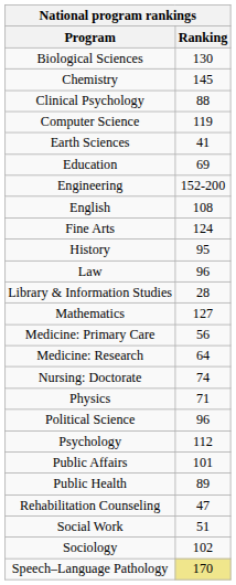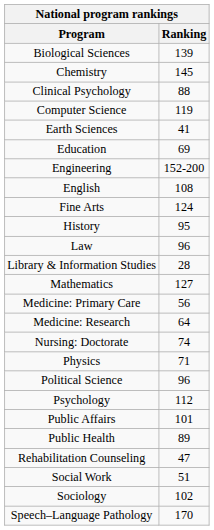 <table class="wikitable sortable collapsible collapsed" style="float:right; text-align:center">
 <tr>
 <th colspan=4>National program rankings</th>
 </tr>
 <tr>
 <th>Program</th>
 <th>Ranking</th>
 </tr>
 <tr>
 <td>Biological Sciences</td>
-<td>130</td>
+<td>139</td>
 </tr>
 <tr>
 <td>Chemistry</td>
 <td>145</td>
 </tr>
 <tr>
 <td>Clinical Psychology</td>
 <td>88</td>
 </tr>
 <tr>
 <td>Computer Science</td>
 <td>119</td>
 </tr>
 <tr>
 <td>Earth Sciences</td>
 <td>41</td>
 </tr>
 <tr>
 <td>Education</td>
 <td>69</td>
 </tr>
 <tr>
 <td>Engineering</td>
 <td>152-200</td>
 </tr>
 <tr>
 <td>English</td>
 <td>108</td>
 </tr>
 <tr>
 <td>Fine Arts</td>
 <td>124</td>
 </tr>
 <tr>
 <td>History</td>
 <td>95</td>
 </tr>
 <tr>
 <td>Law</td>
 <td>96</td>
 </tr>
 <tr>
 <td>Library & Information Studies</td>
 <td>28</td>
 </tr>
 <tr>
 <td>Mathematics</td>
 <td>127</td>
 </tr>
 <tr>
 <td>Medicine: Primary Care</td>
 <td>56</td>
 </tr>
 <tr>
 <td>Medicine: Research</td>
 <td>64</td>
 </tr>
 <tr>
 <td>Nursing: Doctorate</td>
 <td>74</td>
 </tr>
 <tr>
 <td>Physics</td>
 <td>71</td>
 </tr>
 <tr>
 <td>Political Science</td>
 <td>96</td>
 </tr>
 <tr>
 <td>Psychology</td>
 <td>112</td>
 </tr>
 <tr>
 <td>Public Affairs</td>
 <td>101</td>
 </tr>
 <tr>
 <td>Public Health</td>
 <td>89</td>
 </tr>
 <tr>
 <td>Rehabilitation Counseling</td>
 <td>47</td>
 </tr>
 <tr>
 <td>Social Work</td>
 <td>51</td>
 </tr>
 <tr>
 <td>Sociology</td>
 <td>102</td>
 </tr>
 <tr>
 <td>Speech–Language Pathology</td>
-<td style="background: khaki;">170</td>
+<td>170</td>
 </tr>
 </table>
